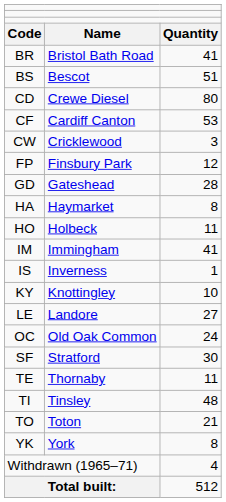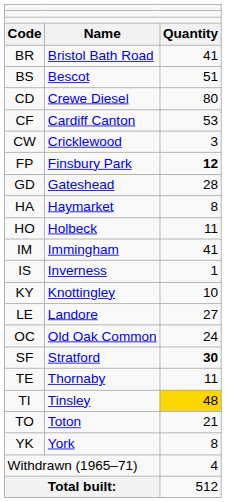 <table class="wikitable floatright">
 <tr>
 <td colspan=3></td>
 </tr>
 <tr>
 <td colspan=3></td>
 </tr>
 <tr>
 <td colspan=3></td>
 </tr>
 <tr>
 <th>Code</th>
 <th>Name</th>
 <th>Quantity</th>
 </tr>
 <tr>
 <td style="text-align:center">BR</td>
 <td><a href='#'>Bristol Bath Road</a></td>
 <td style="text-align:right">41</td>
 </tr>
 <tr>
 <td style="text-align:center">BS</td>
 <td><a href='#'>Bescot</a></td>
 <td style="text-align:right">51</td>
 </tr>
 <tr>
 <td style="text-align:center">CD</td>
 <td><a href='#'>Crewe Diesel</a></td>
 <td style="text-align:right">80</td>
 </tr>
 <tr>
 <td style="text-align:center">CF</td>
 <td><a href='#'>Cardiff Canton</a></td>
 <td style="text-align:right">53</td>
 </tr>
 <tr>
 <td style="text-align:center">CW</td>
 <td><a href='#'>Cricklewood</a></td>
 <td style="text-align:right">3</td>
 </tr>
 <tr>
 <td style="text-align:center">FP</td>
 <td><a href='#'>Finsbury Park</a></td>
-<td style="text-align:right">12</td>
+<td style="text-align:right"><strong>12</strong></td>
 </tr>
 <tr>
 <td style="text-align:center">GD</td>
 <td><a href='#'>Gateshead</a></td>
 <td style="text-align:right">28</td>
 </tr>
 <tr>
 <td style="text-align:center">HA</td>
 <td><a href='#'>Haymarket</a></td>
 <td style="text-align:right">8</td>
 </tr>
 <tr>
 <td style="text-align:center">HO</td>
 <td><a href='#'>Holbeck</a></td>
 <td style="text-align:right">11</td>
 </tr>
 <tr>
 <td style="text-align:center">IM</td>
 <td><a href='#'>Immingham</a></td>
 <td style="text-align:right">41</td>
 </tr>
 <tr>
 <td style="text-align:center">IS</td>
 <td><a href='#'>Inverness</a></td>
 <td style="text-align:right">1</td>
 </tr>
 <tr>
 <td style="text-align:center">KY</td>
 <td><a href='#'>Knottingley</a></td>
 <td style="text-align:right">10</td>
 </tr>
 <tr>
 <td style="text-align:center">LE</td>
 <td><a href='#'>Landore</a></td>
 <td style="text-align:right">27</td>
 </tr>
 <tr>
 <td style="text-align:center">OC</td>
 <td><a href='#'>Old Oak Common</a></td>
 <td style="text-align:right">24</td>
 </tr>
 <tr>
 <td style="text-align:center">SF</td>
 <td><a href='#'>Stratford</a></td>
-<td style="text-align:right">30</td>
+<td style="text-align:right"><strong>30</strong></td>
 </tr>
 <tr>
 <td style="text-align:center">TE</td>
 <td><a href='#'>Thornaby</a></td>
 <td style="text-align:right">11</td>
 </tr>
 <tr>
 <td style="text-align:center">TI</td>
 <td><a href='#'>Tinsley</a></td>
-<td style="text-align:right">48</td>
+<td style="background: gold; text-align:right">48</td>
 </tr>
 <tr>
 <td style="text-align:center">TO</td>
 <td><a href='#'>Toton</a></td>
 <td style="text-align:right">21</td>
 </tr>
 <tr>
 <td style="text-align:center">YK</td>
 <td><a href='#'>York</a></td>
 <td style="text-align:right">8</td>
 </tr>
 <tr>
 <td colspan=2>Withdrawn (1965–71)</td>
 <td style="text-align:right">4</td>
 </tr>
 <tr>
 <th colspan=2 scope=row>Total built:</th>
 <td style="text-align:right">512</td>
 </tr>
 </table>
